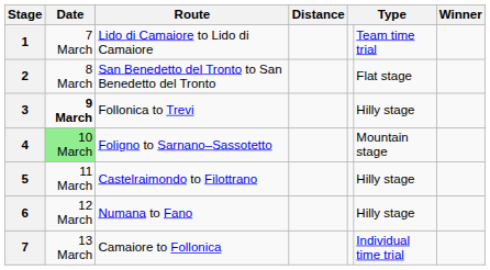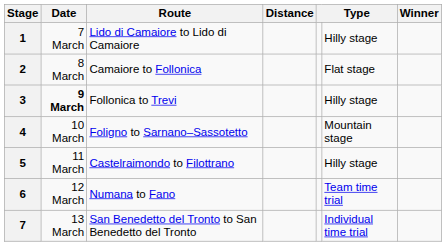 <table class="wikitable">
 <tr>
 <th scope=col>Stage</th>
 <th scope=col>Date</th>
 <th scope=col>Route</th>
 <th scope=col>Distance</th>
 <th scope=col colspan="2">Type</th>
 <th scope=col>Winner</th>
 </tr>
 <tr>
 <th scope=row>1</th>
 <td style="text-align:right;">7 March</td>
 <td><a href='#'>Lido di Camaiore</a> to Lido di Camaiore</td>
 <td style="text-align:center;"></td>
 <td></td>
-<td><a href='#'>Team time trial</a></td>
+<td>Hilly stage</td>
 <td></td>
 </tr>
 <tr>
 <th scope=row>2</th>
 <td style="text-align:right;">8 March</td>
-<td><a href='#'>San Benedetto del Tronto</a> to San Benedetto del Tronto</td>
+<td>Camaiore to <a href='#'>Follonica</a></td>
 <td style="text-align:center;"></td>
 <td></td>
 <td>Flat stage</td>
 <td></td>
 </tr>
 <tr>
 <th scope=row>3</th>
 <td style="text-align:right;"><strong>9 March</strong></td>
 <td>Follonica to <a href='#'>Trevi</a></td>
 <td style="text-align:center;"></td>
 <td></td>
 <td>Hilly stage</td>
 <td></td>
 </tr>
 <tr>
 <th scope=row>4</th>
-<td style="background: lightgreen; text-align:right;">10 March</td>
+<td style="text-align:right;">10 March</td>
 <td><a href='#'>Foligno</a> to <a href='#'>Sarnano–Sassotetto</a></td>
 <td style="text-align:center;"></td>
 <td></td>
 <td>Mountain stage</td>
 <td></td>
 </tr>
 <tr>
 <th scope=row>5</th>
 <td style="text-align:right;">11 March</td>
 <td><a href='#'>Castelraimondo</a> to <a href='#'>Filottrano</a></td>
 <td style="text-align:center;"></td>
 <td></td>
 <td>Hilly stage</td>
 <td></td>
 </tr>
 <tr>
 <th scope=row>6</th>
 <td style="text-align:right;">12 March</td>
 <td><a href='#'>Numana</a> to <a href='#'>Fano</a></td>
 <td style="text-align:center;"></td>
 <td></td>
-<td>Hilly stage</td>
+<td><a href='#'>Team time trial</a></td>
 <td></td>
 </tr>
 <tr>
 <th scope=row>7</th>
 <td style="text-align:right;">13 March</td>
-<td>Camaiore to <a href='#'>Follonica</a></td>
+<td><a href='#'>San Benedetto del Tronto</a> to San Benedetto del Tronto</td>
 <td style="text-align:center;"></td>
 <td></td>
 <td><a href='#'>Individual time trial</a></td>
 <td></td>
 </tr>
 </table>
